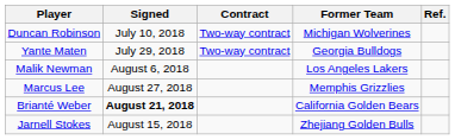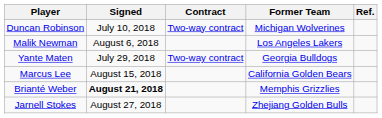 <table class="wikitable sortable sortable" style="text-align: center;">
 <tr>
 <th>Player</th>
 <th>Signed</th>
 <th>Contract</th>
 <th>Former Team</th>
 <th>Ref.</th>
 </tr>
 <tr>
 <td><a href='#'>Duncan Robinson</a></td>
 <td>July 10, 2018</td>
 <td><a href='#'>Two-way contract</a></td>
 <td><a href='#'>Michigan Wolverines</a></td>
 <td></td>
 </tr>
 <tr>
+<td><a href='#'>Malik Newman</a></td>
+<td>August 6, 2018</td>
+<td></td>
+<td><a href='#'>Los Angeles Lakers</a></td>
+<td></td>
+</tr>
+<tr>
 <td><a href='#'>Yante Maten</a></td>
 <td>July 29, 2018</td>
 <td><a href='#'>Two-way contract</a></td>
 <td><a href='#'>Georgia Bulldogs</a></td>
 <td></td>
 </tr>
 <tr>
-<td><a href='#'>Malik Newman</a></td>
-<td>August 6, 2018</td>
+<td><a href='#'>Marcus Lee</a></td>
+<td>August 15, 2018</td>
 <td></td>
-<td><a href='#'>Los Angeles Lakers</a></td>
-<td></td>
-</tr>
-<tr>
-<td><a href='#'>Marcus Lee</a></td>
-<td>August 27, 2018</td>
-<td></td>
-<td><a href='#'>Memphis Grizzlies</a></td>
+<td><a href='#'>California Golden Bears</a></td>
 <td></td>
 </tr>
 <tr>
 <td><a href='#'>Brianté Weber</a></td>
 <td><strong>August 21, 2018</strong></td>
 <td></td>
-<td><a href='#'>California Golden Bears</a></td>
+<td><a href='#'>Memphis Grizzlies</a></td>
 <td></td>
 </tr>
 <tr>
 <td><a href='#'>Jarnell Stokes</a></td>
-<td>August 15, 2018</td>
+<td>August 27, 2018</td>
 <td></td>
 <td> <a href='#'>Zhejiang Golden Bulls</a></td>
 <td></td>
 </tr>
 </table>
